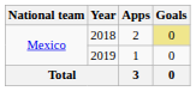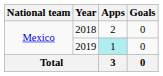 <table class="wikitable" style="text-align: center;">
 <tr>
 <th>National team</th>
 <th>Year</th>
 <th>Apps</th>
 <th>Goals</th>
 </tr>
 <tr>
 <td rowspan="2" valign="center"><a href='#'>Mexico</a></td>
 <td>2018</td>
 <td>2</td>
-<td style="background: khaki;">0</td>
+<td>0</td>
 </tr>
 <tr>
 <td>2019</td>
-<td>1</td>
+<td style="background: paleturquoise;">1</td>
 <td>0</td>
 </tr>
 <tr>
 <th colspan="2">Total</th>
 <th>3</th>
 <th>0</th>
 </tr>
 </table>
